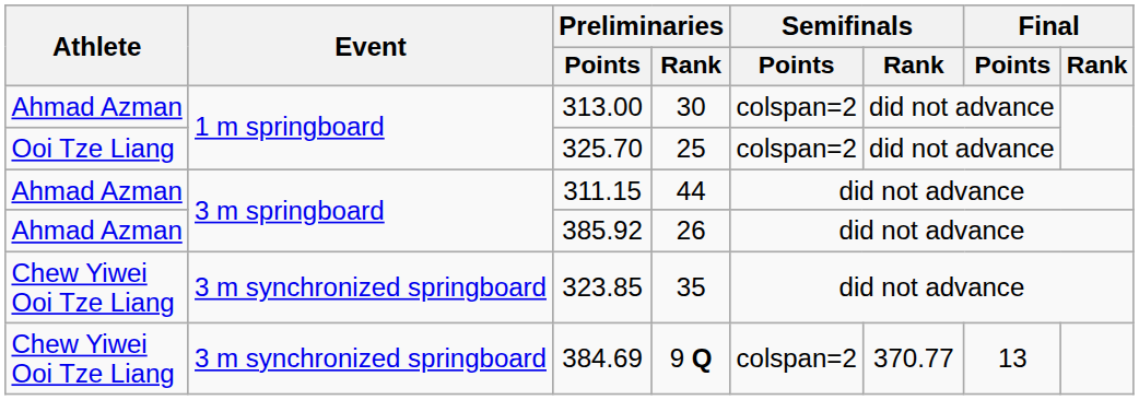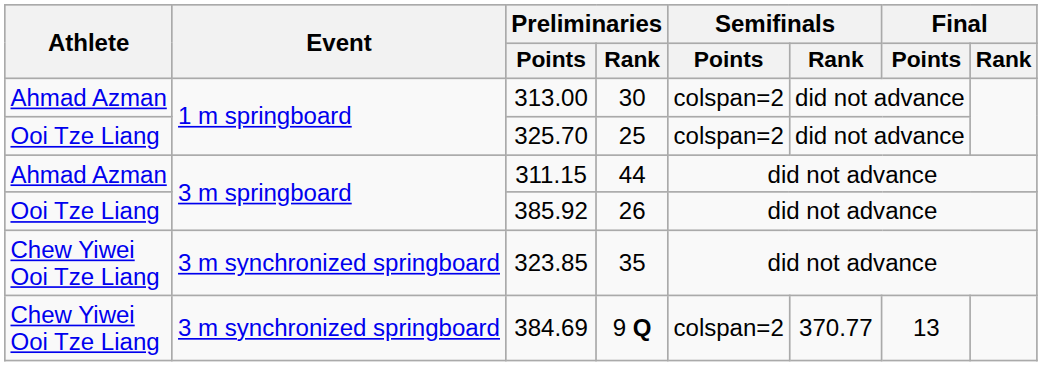 <table class=wikitable style="font-size:90%;">
 <tr>
 <th rowspan="2">Athlete</th>
 <th rowspan="2">Event</th>
 <th colspan="2">Preliminaries</th>
 <th colspan="2">Semifinals</th>
 <th colspan="2">Final</th>
 </tr>
 <tr style="font-size:95%">
 <th>Points</th>
 <th>Rank</th>
 <th>Points</th>
 <th>Rank</th>
 <th>Points</th>
 <th>Rank</th>
 </tr>
 <tr align=center>
 <td align=left><a href='#'>Ahmad Azman</a></td>
 <td align=left rowspan=2><a href='#'>1 m springboard</a></td>
 <td>313.00</td>
 <td>30</td>
 <td>colspan=2 </td>
 <td colspan=2>did not advance</td>
 </tr>
 <tr align=center>
 <td align=left><a href='#'>Ooi Tze Liang</a></td>
 <td>325.70</td>
 <td>25</td>
 <td>colspan=2 </td>
 <td colspan=2>did not advance</td>
 </tr>
 <tr align=center>
 <td align=left><a href='#'>Ahmad Azman</a></td>
 <td align=left rowspan=2><a href='#'>3 m springboard</a></td>
 <td>311.15</td>
 <td>44</td>
 <td colspan=4>did not advance</td>
 </tr>
 <tr align=center>
-<td align=left><a href='#'>Ahmad Azman</a></td>
+<td align=left><a href='#'>Ooi Tze Liang</a></td>
 <td>385.92</td>
 <td>26</td>
 <td colspan=4>did not advance</td>
 </tr>
 <tr align=center>
 <td align=left><a href='#'>Chew Yiwei</a><br><a href='#'>Ooi Tze Liang</a></td>
 <td align=left><a href='#'>3 m synchronized springboard</a></td>
 <td>323.85</td>
 <td>35</td>
 <td colspan=4>did not advance</td>
 </tr>
 <tr align=center>
 <td align=left><a href='#'>Chew Yiwei</a><br><a href='#'>Ooi Tze Liang</a></td>
 <td align=left><a href='#'>3 m synchronized springboard</a></td>
 <td>384.69</td>
 <td>9 <strong>Q</strong></td>
 <td>colspan=2 </td>
 <td>370.77</td>
 <td>13</td>
 </tr>
 </table>
